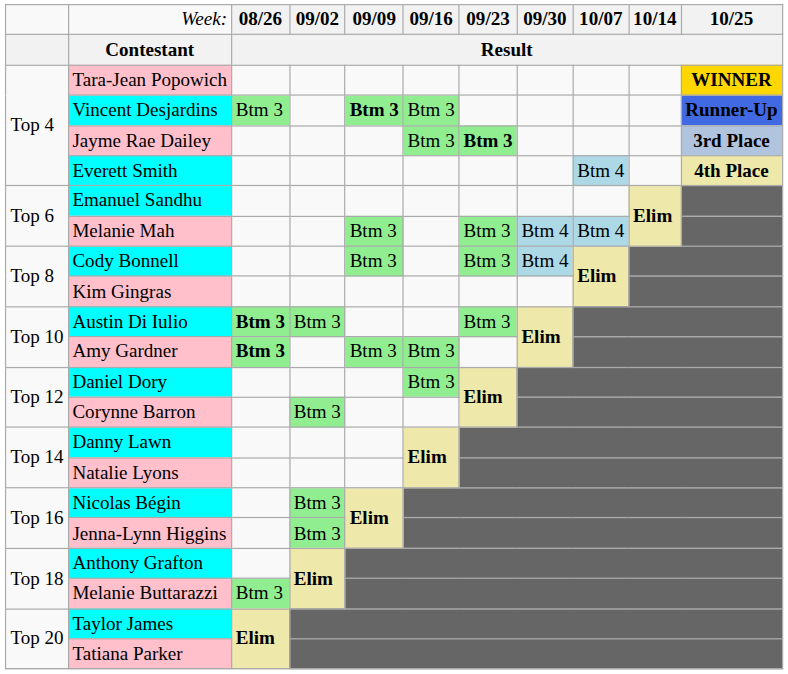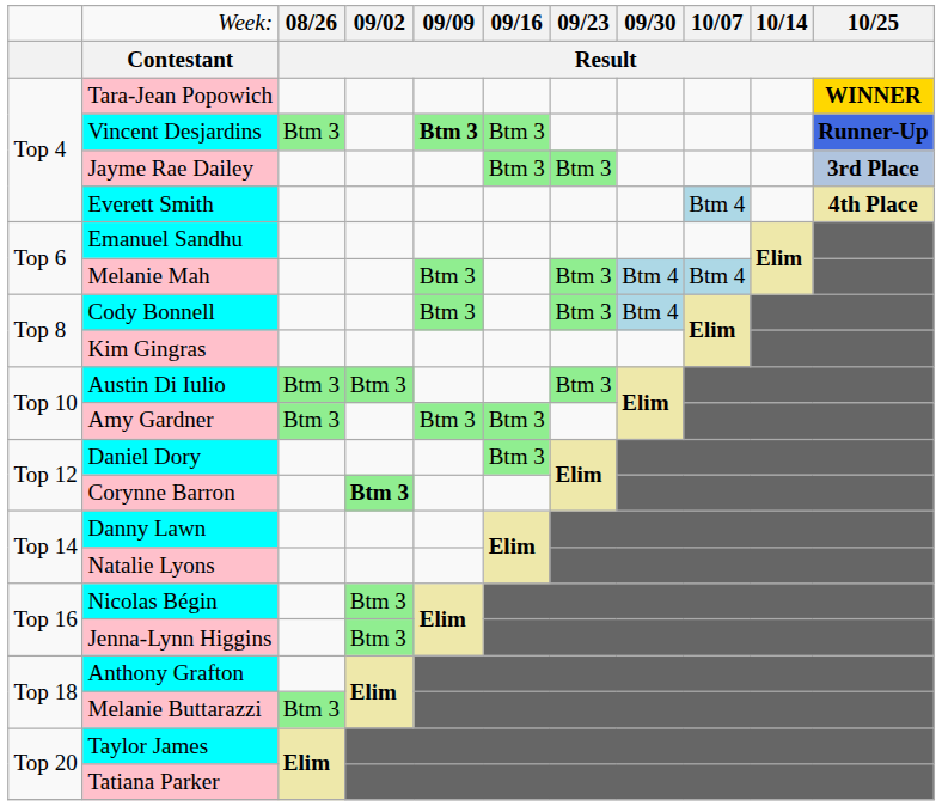 <table class="wikitable" style="margin:1em auto;">
 <tr>
 <td></td>
 <td align="right"><em>Week:</em></td>
 <th>08/26</th>
 <th>09/02</th>
 <th>09/09</th>
 <th>09/16</th>
 <th>09/23</th>
 <th>09/30</th>
 <th>10/07</th>
 <th>10/14</th>
 <th>10/25</th>
 </tr>
 <tr>
 <th></th>
 <th>Contestant</th>
 <th colspan="9" align="center">Result</th>
 </tr>
 <tr>
 <td rowspan="4">Top 4</td>
 <td bgcolor="pink">Tara-Jean Popowich</td>
 <td></td>
 <td></td>
 <td></td>
 <td></td>
 <td></td>
 <td></td>
 <td></td>
 <td></td>
 <td bgcolor="gold" align="center"><strong>WINNER</strong></td>
 </tr>
 <tr>
 <td bgcolor="cyan">Vincent Desjardins</td>
 <td style="background:lightgreen;">Btm 3</td>
 <td></td>
 <td style="background:lightgreen;"><strong>Btm 3</strong></td>
 <td style="background:lightgreen;">Btm 3</td>
 <td></td>
 <td></td>
 <td></td>
 <td></td>
 <td bgcolor="royalblue" align="center"><strong>Runner-Up</strong></td>
 </tr>
 <tr>
 <td bgcolor="pink">Jayme Rae Dailey</td>
 <td></td>
 <td></td>
 <td></td>
 <td style="background:lightgreen;">Btm 3</td>
-<td style="background:lightgreen;"><strong>Btm 3</strong></td>
+<td style="background:lightgreen;">Btm 3</td>
 <td></td>
 <td></td>
 <td></td>
 <td bgcolor="lightsteelblue" align="center"><strong>3rd Place</strong></td>
 </tr>
 <tr>
 <td bgcolor="cyan">Everett Smith</td>
 <td></td>
 <td></td>
 <td></td>
 <td></td>
 <td></td>
 <td></td>
 <td style="background:lightblue;">Btm 4</td>
 <td></td>
 <td bgcolor="palegoldenrod" align="center"><strong>4th Place</strong></td>
 </tr>
 <tr>
 <td rowspan="2">Top 6</td>
 <td bgcolor="cyan">Emanuel Sandhu</td>
 <td></td>
 <td></td>
 <td></td>
 <td></td>
 <td></td>
 <td></td>
 <td></td>
 <td rowspan="2" bgcolor="palegoldenrod"><strong>Elim</strong></td>
 <td bgcolor="666666"></td>
 </tr>
 <tr>
 <td bgcolor="pink">Melanie Mah</td>
 <td></td>
 <td></td>
 <td style="background:lightgreen;">Btm 3</td>
 <td></td>
 <td style="background:lightgreen;">Btm 3</td>
 <td style="background:lightblue;">Btm 4</td>
 <td style="background:lightblue;">Btm 4</td>
 <td bgcolor="666666"></td>
 </tr>
 <tr>
 <td rowspan="2">Top 8</td>
 <td bgcolor="cyan">Cody Bonnell</td>
 <td></td>
 <td></td>
 <td style="background:lightgreen;">Btm 3</td>
 <td></td>
 <td style="background:lightgreen;">Btm 3</td>
 <td style="background:lightblue;">Btm 4</td>
 <td rowspan="2" bgcolor="palegoldenrod"><strong>Elim</strong></td>
 <td colspan="2" bgcolor="666666"></td>
 </tr>
 <tr>
 <td bgcolor="pink">Kim Gingras</td>
 <td></td>
 <td></td>
 <td></td>
 <td></td>
 <td></td>
 <td></td>
 <td colspan="2" bgcolor="666666"></td>
 </tr>
 <tr>
 <td rowspan="2">Top 10</td>
 <td bgcolor="cyan">Austin Di Iulio</td>
-<td style="background:lightgreen;"><strong>Btm 3</strong></td>
+<td style="background:lightgreen;">Btm 3</td>
 <td style="background:lightgreen;">Btm 3</td>
 <td></td>
 <td></td>
 <td style="background:lightgreen;">Btm 3</td>
 <td rowspan="2" bgcolor="palegoldenrod"><strong>Elim</strong></td>
 <td colspan="3" bgcolor="666666"></td>
 </tr>
 <tr>
 <td bgcolor="pink">Amy Gardner</td>
-<td style="background:lightgreen;"><strong>Btm 3</strong></td>
+<td style="background:lightgreen;">Btm 3</td>
 <td></td>
 <td style="background:lightgreen;">Btm 3</td>
 <td style="background:lightgreen;">Btm 3</td>
 <td></td>
 <td colspan="3" bgcolor="666666"></td>
 </tr>
 <tr>
 <td rowspan="2">Top 12</td>
 <td bgcolor="cyan">Daniel Dory</td>
 <td></td>
 <td></td>
 <td></td>
 <td style="background:lightgreen;">Btm 3</td>
 <td rowspan="2" bgcolor="palegoldenrod"><strong>Elim</strong></td>
 <td colspan="4" bgcolor="666666"></td>
 </tr>
 <tr>
 <td bgcolor="pink">Corynne Barron</td>
 <td></td>
-<td style="background:lightgreen;">Btm 3</td>
+<td style="background:lightgreen;"><strong>Btm 3</strong></td>
 <td></td>
 <td></td>
 <td colspan="4" bgcolor="666666"></td>
 </tr>
 <tr>
 <td rowspan="2">Top 14</td>
 <td bgcolor="cyan">Danny Lawn</td>
 <td></td>
 <td></td>
 <td></td>
 <td rowspan="2" bgcolor="palegoldenrod"><strong>Elim</strong></td>
 <td colspan="5" bgcolor="666666"></td>
 </tr>
 <tr>
 <td bgcolor="pink">Natalie Lyons</td>
 <td></td>
 <td></td>
 <td></td>
 <td colspan="5" bgcolor="666666"></td>
 </tr>
 <tr>
 <td rowspan="2">Top 16</td>
 <td bgcolor="cyan">Nicolas Bégin</td>
 <td></td>
 <td style="background:lightgreen;">Btm 3</td>
 <td rowspan="2" bgcolor="palegoldenrod"><strong>Elim</strong></td>
 <td colspan="6" bgcolor="666666"></td>
 </tr>
 <tr>
 <td bgcolor="pink">Jenna-Lynn Higgins</td>
 <td></td>
 <td style="background:lightgreen;">Btm 3</td>
 <td colspan="6" bgcolor="666666"></td>
 </tr>
 <tr>
 <td rowspan="2">Top 18</td>
 <td bgcolor="cyan">Anthony Grafton</td>
 <td></td>
 <td rowspan="2" bgcolor="palegoldenrod"><strong>Elim</strong></td>
 <td colspan="7" bgcolor="666666"></td>
 </tr>
 <tr>
 <td bgcolor="pink">Melanie Buttarazzi</td>
 <td style="background:lightgreen;">Btm 3</td>
 <td colspan="7" bgcolor="666666"></td>
 </tr>
 <tr>
 <td rowspan="2">Top 20</td>
 <td bgcolor="cyan">Taylor James</td>
 <td rowspan="2" bgcolor="palegoldenrod"><strong>Elim</strong></td>
 <td colspan="8" bgcolor="666666"></td>
 </tr>
 <tr>
 <td bgcolor="pink">Tatiana Parker</td>
 <td colspan="8" bgcolor="666666"></td>
 </tr>
 <tr>
 </tr>
 </table>
